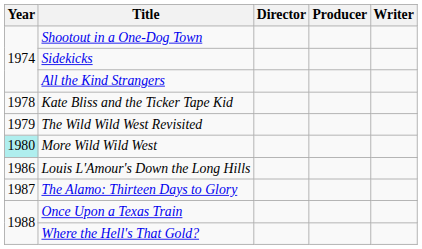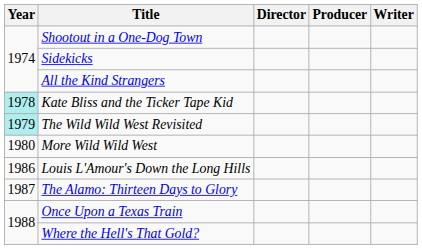 <table class="wikitable">
 <tr>
 <th>Year</th>
 <th>Title</th>
 <th>Director</th>
 <th>Producer</th>
 <th>Writer</th>
 </tr>
 <tr>
 <td rowspan="3">1974</td>
 <td><em><a href='#'>Shootout in a One-Dog Town</a></em></td>
 <td></td>
 <td></td>
 <td></td>
 </tr>
 <tr>
 <td><em><a href='#'>Sidekicks</a></em></td>
 <td></td>
 <td></td>
 <td></td>
 </tr>
 <tr>
 <td><em><a href='#'>All the Kind Strangers</a></em></td>
 <td></td>
 <td></td>
 <td></td>
 </tr>
 <tr>
-<td>1978</td>
+<td style="background: paleturquoise;">1978</td>
 <td><em>Kate Bliss and the Ticker Tape Kid</em></td>
 <td></td>
 <td></td>
 <td></td>
 </tr>
 <tr>
-<td>1979</td>
+<td style="background: paleturquoise;">1979</td>
 <td><em>The Wild Wild West Revisited</em></td>
 <td></td>
 <td></td>
 <td></td>
 </tr>
 <tr>
-<td style="background: paleturquoise;">1980</td>
+<td>1980</td>
 <td><em>More Wild Wild West</em></td>
 <td></td>
 <td></td>
 <td></td>
 </tr>
 <tr>
 <td>1986</td>
 <td><em>Louis L'Amour's Down the Long Hills</em></td>
 <td></td>
 <td></td>
 <td></td>
 </tr>
 <tr>
 <td>1987</td>
 <td><em><a href='#'>The Alamo: Thirteen Days to Glory</a></em></td>
 <td></td>
 <td></td>
 <td></td>
 </tr>
 <tr>
 <td rowspan="2">1988</td>
 <td><em><a href='#'>Once Upon a Texas Train</a></em></td>
 <td></td>
 <td></td>
 <td></td>
 </tr>
 <tr>
 <td><em><a href='#'>Where the Hell's That Gold?</a></em></td>
 <td></td>
 <td></td>
 <td></td>
 </tr>
 </table>
